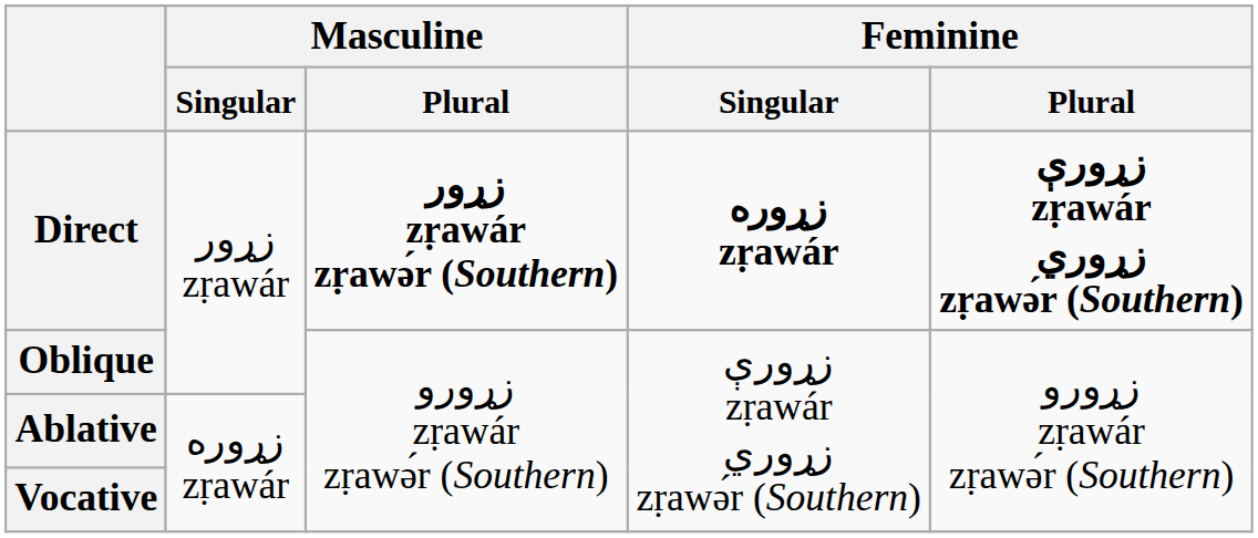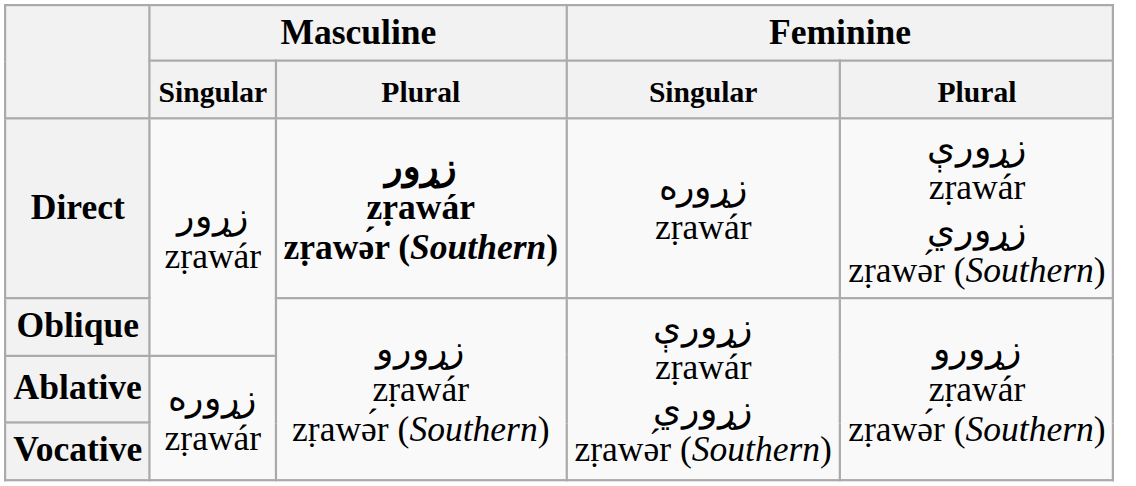 <table class="wikitable" style="text-align: center">
 <tr>
 <th rowspan="2"></th>
 <th colspan="2">Masculine</th>
 <th colspan="2">Feminine</th>
 </tr>
 <tr>
 <th style="border-right;"><small>Singular</small></th>
 <th style="border-left;"><small>Plural</small></th>
 <th style="border-right;"><small>Singular</small></th>
 <th style="border-left;"><small>Plural</small></th>
 </tr>
 <tr>
 <th>Direct</th>
 <td rowspan="2">زړور<br>zṛawár</td>
 <td><strong>زړور<br>zṛawár<br>zṛawə́r (<em>Southern</em>)</strong></td>
-<td><strong>زړوره<br>zṛawár</strong></td>
-<td><strong>زړورې<br>zṛawár<br>زړوري<br>zṛawə́r (<em>Southern</em>)</strong></td>
+<td>زړوره<br>zṛawár</td>
+<td>زړورې<br>zṛawár<br>زړوري<br>zṛawə́r (<em>Southern</em>)</td>
 </tr>
 <tr>
 <th>Oblique</th>
 <td rowspan="3">زړورو<br>zṛawár<br>zṛawə́r (<em>Southern</em>)</td>
 <td rowspan="3">زړورې<br>zṛawár<br>زړوري<br>zṛawə́r (<em>Southern</em>)</td>
 <td rowspan="3">زړورو<br>zṛawár<br>zṛawə́r (<em>Southern</em>)</td>
 </tr>
 <tr>
 <th>Ablative</th>
 <td rowspan="2">زړوره<br>zṛawár</td>
 </tr>
 <tr>
 <th>Vocative</th>
 </tr>
 </table>
